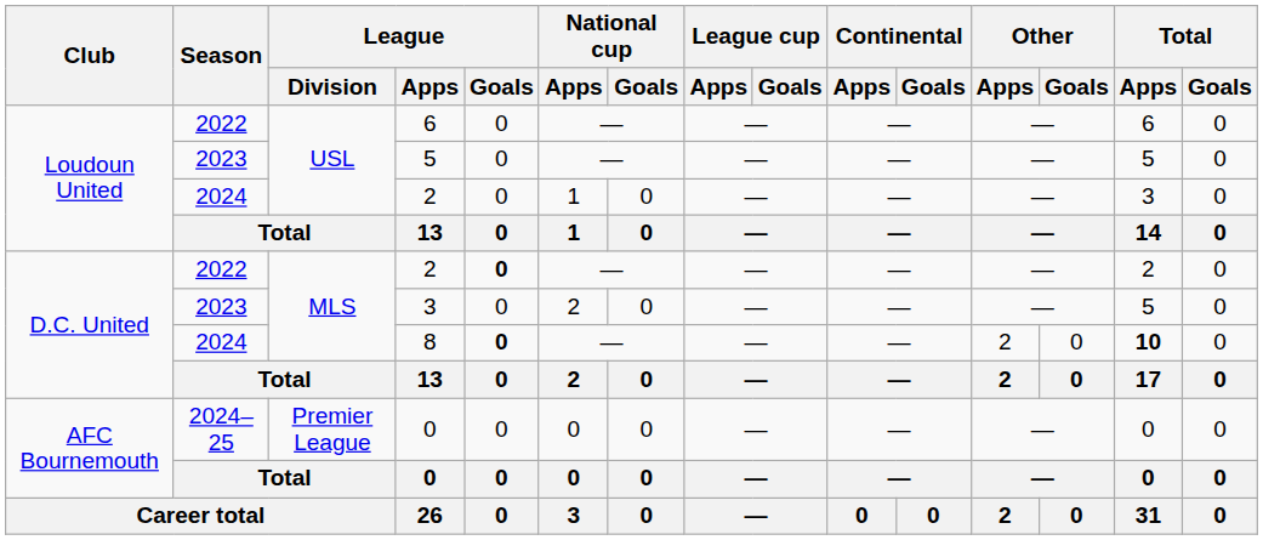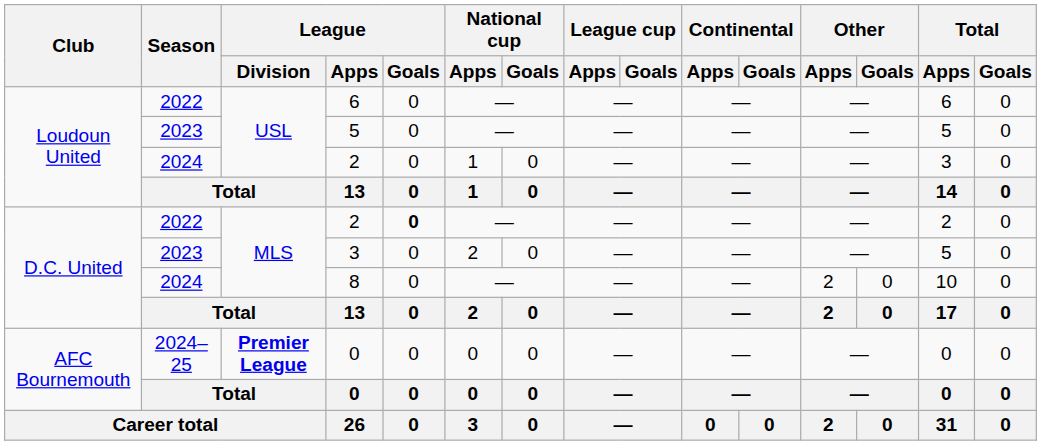 <table class=wikitable style=text-align:center>
 <tr>
 <th rowspan="2">Club</th>
 <th rowspan="2">Season</th>
 <th colspan="3">League</th>
 <th colspan="2">National cup</th>
 <th colspan="2">League cup</th>
 <th colspan="2">Continental</th>
 <th colspan="2">Other</th>
 <th colspan="2">Total</th>
 </tr>
 <tr>
 <th>Division</th>
 <th>Apps</th>
 <th>Goals</th>
 <th>Apps</th>
 <th>Goals</th>
 <th>Apps</th>
 <th>Goals</th>
 <th>Apps</th>
 <th>Goals</th>
 <th>Apps</th>
 <th>Goals</th>
 <th>Apps</th>
 <th>Goals</th>
 </tr>
 <tr>
 <td rowspan="4"><a href='#'>Loudoun United</a></td>
 <td><a href='#'>2022</a></td>
 <td rowspan="3"><a href='#'>USL</a></td>
 <td>6</td>
 <td>0</td>
 <td colspan="2">—</td>
 <td colspan="2">—</td>
 <td colspan="2">—</td>
 <td colspan="2">—</td>
 <td>6</td>
 <td>0</td>
 </tr>
 <tr>
 <td><a href='#'>2023</a></td>
 <td>5</td>
 <td>0</td>
 <td colspan="2">—</td>
 <td colspan="2">—</td>
 <td colspan="2">—</td>
 <td colspan="2">—</td>
 <td>5</td>
 <td>0</td>
 </tr>
 <tr>
 <td><a href='#'>2024</a></td>
 <td>2</td>
 <td>0</td>
 <td>1</td>
 <td>0</td>
 <td colspan="2">—</td>
 <td colspan="2">—</td>
 <td colspan="2">—</td>
 <td>3</td>
 <td>0</td>
 </tr>
 <tr>
 <th colspan="2">Total</th>
 <th>13</th>
 <th>0</th>
 <th>1</th>
 <th>0</th>
 <th colspan="2">—</th>
 <th colspan="2">—</th>
 <th colspan="2">—</th>
 <th>14</th>
 <th>0</th>
 </tr>
 <tr>
 <td rowspan="4"><a href='#'>D.C. United</a></td>
 <td><a href='#'>2022</a></td>
 <td rowspan="3"><a href='#'>MLS</a></td>
 <td>2</td>
 <td><strong>0</strong></td>
 <td colspan="2">—</td>
 <td colspan="2">—</td>
 <td colspan="2">—</td>
 <td colspan="2">—</td>
 <td>2</td>
 <td>0</td>
 </tr>
 <tr>
 <td><a href='#'>2023</a></td>
 <td>3</td>
 <td>0</td>
 <td>2</td>
 <td>0</td>
 <td colspan="2">—</td>
 <td colspan="2">—</td>
 <td colspan="2">—</td>
 <td>5</td>
 <td>0</td>
 </tr>
 <tr>
 <td><a href='#'>2024</a></td>
 <td>8</td>
-<td><strong>0</strong></td>
+<td>0</td>
 <td colspan="2">—</td>
 <td colspan="2">—</td>
 <td colspan="2">—</td>
 <td>2</td>
 <td>0</td>
-<td><strong>10</strong></td>
+<td>10</td>
 <td>0</td>
 </tr>
 <tr>
 <th colspan="2">Total</th>
 <th>13</th>
 <th>0</th>
 <th>2</th>
 <th>0</th>
 <th colspan="2">—</th>
 <th colspan="2">—</th>
 <th>2</th>
 <th>0</th>
 <th>17</th>
 <th>0</th>
 </tr>
 <tr>
 <td rowspan="2"><a href='#'>AFC Bournemouth</a></td>
 <td><a href='#'>2024–25</a></td>
-<td><a href='#'>Premier League</a></td>
+<td><strong><a href='#'>Premier League</a></strong></td>
 <td>0</td>
 <td>0</td>
 <td>0</td>
 <td>0</td>
 <td colspan="2">—</td>
 <td colspan="2">—</td>
 <td colspan="2">—</td>
 <td>0</td>
 <td>0</td>
 </tr>
 <tr>
 <th colspan="2">Total</th>
 <th>0</th>
 <th>0</th>
 <th>0</th>
 <th>0</th>
 <th colspan="2">—</th>
 <th colspan="2">—</th>
 <th colspan="2">—</th>
 <th>0</th>
 <th>0</th>
 </tr>
 <tr>
 <th colspan="3">Career total</th>
 <th>26</th>
 <th>0</th>
 <th>3</th>
 <th>0</th>
 <th colspan="2">—</th>
 <th>0</th>
 <th>0</th>
 <th>2</th>
 <th>0</th>
 <th>31</th>
 <th>0</th>
 </tr>
 </table>
